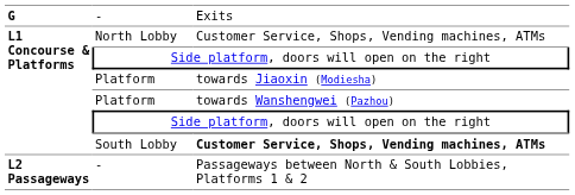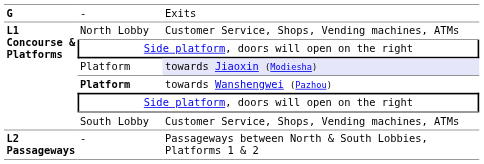 <table table border=0 cellspacing=0 cellpadding=3>
 <tr>
 <td style="border-top:solid 1px gray;" width=50 valign=top><strong>G</strong></td>
 <td style="border-top:solid 1px gray;" width=100 valign=top>-</td>
 <td style="border-top:solid 1px gray;" width=390 valign=top>Exits</td>
 </tr>
 <tr>
 <td style="border-bottom:solid 1px gray; border-top:solid 1px gray;" valign=top width=50 rowspan=6><strong>L1<br>Concourse & Platforms</strong></td>
 <td style="border-bottom:solid 1px gray; border-top:solid 1px gray;" valign=top width=100>North Lobby</td>
 <td style="border-bottom:solid 1px gray; border-top:solid 1px gray;" valign=top width=390>Customer Service, Shops, Vending machines, ATMs</td>
 </tr>
 <tr>
 <td style="border-right:solid 2px black;border-left:solid 2px black;border-bottom:solid 2px black;text-align:center;" colspan=2><a href='#'>Side platform</a>, doors will open on the right</td>
 </tr>
 <tr>
 <td style="border-bottom:solid 1px gray;" width=100>Platform </td>
-<td style="border-bottom:solid 1px gray;" width=390>  towards <a href='#'>Jiaoxin</a> <small>(<a href='#'>Modiesha</a>)</small></td>
+<td style="background: lavender; border-bottom:solid 1px gray;" width=390>  towards <a href='#'>Jiaoxin</a> <small>(<a href='#'>Modiesha</a>)</small></td>
 </tr>
 <tr>
-<td>Platform </td>
+<td><strong>Platform </strong></td>
 <td> towards <a href='#'>Wanshengwei</a> <small>(<a href='#'>Pazhou</a>)</small> </td>
 </tr>
 <tr>
 <td style="border-top:solid 2px black;border-right:solid 2px black;border-left:solid 2px black;border-bottom:solid 1px gray;text-align:center;" colspan=2><a href='#'>Side platform</a>, doors will open on the right</td>
 </tr>
 <tr>
 <td style="border-bottom:solid 1px gray; border-top:solid 1px gray;" valign=top width=100>South Lobby</td>
-<td style="border-bottom:solid 1px gray; border-top:solid 1px gray;" valign=top width=390><strong>Customer Service, Shops, Vending machines, ATMs</strong></td>
+<td style="border-bottom:solid 1px gray; border-top:solid 1px gray;" valign=top width=390>Customer Service, Shops, Vending machines, ATMs</td>
 </tr>
 <tr>
 <td style="border-bottom:solid 1px gray;" width=50 valign=top><strong>L2<br>Passageways</strong></td>
 <td style="border-bottom:solid 1px gray;" width=100 valign=top>-</td>
 <td style="border-bottom:solid 1px gray;" width=390 valign=top>Passageways between North & South Lobbies, Platforms 1 & 2</td>
 </tr>
 </table>
